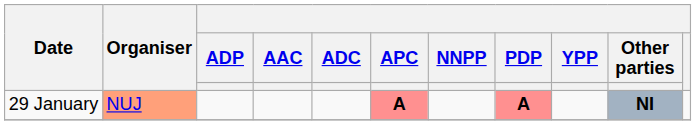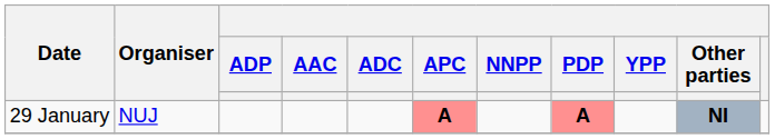 <table class="wikitable" style="text-align:center;">
 <tr>
 <th rowspan="3">Date</th>
 <th rowspan="3">Organiser</th>
 <th colspan="9">    <br>   </th>
 </tr>
 <tr>
 <th scope="col" style="width:5em;"><a href='#'>ADP</a></th>
 <th scope="col" style="width:5em;"><a href='#'>AAC</a></th>
 <th scope="col" style="width:5em;"><a href='#'>ADC</a></th>
 <th scope="col" style="width:5em;"><a href='#'>APC</a></th>
 <th scope="col" style="width:5em;"><a href='#'>NNPP</a></th>
 <th scope="col" style="width:5em;"><a href='#'>PDP</a></th>
 <th scope="col" style="width:5em;"><a href='#'>YPP</a></th>
 <th scope="col" style="width:5em;">Other parties</th>
 <th rowspan="2"></th>
 </tr>
 <tr>
 <th style="background:"></th>
 <th style="background:"></th>
 <th style="background:"></th>
 <th style="background:"></th>
 <th style="background:"></th>
 <th style="background:"></th>
 <th style="background:"></th>
 <th style="background:"></th>
 </tr>
 <tr>
 <td style="white-space:nowrap; text-align:left;">29 January</td>
-<td style="background: lightsalmon; white-space:nowrap; text-align:left;"><a href='#'>NUJ</a></td>
+<td style="white-space:nowrap; text-align:left;"><a href='#'>NUJ</a></td>
 <td></td>
 <td></td>
 <td></td>
 <td style="background:#FF9090;"><strong>A</strong><br></td>
 <td></td>
 <td style="background:#FF9090;"><strong>A</strong><br></td>
 <td></td>
 <td style="background:#A2B2C2;"><strong>NI</strong><br></td>
 <td></td>
 </tr>
 <tr>
 </tr>
 </table>
